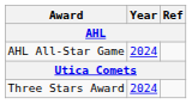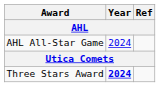 <table class="wikitable">
 <tr>
 <th>Award</th>
 <th>Year</th>
 <th>Ref</th>
 </tr>
 <tr>
 <th colspan="3"><a href='#'>AHL</a></th>
 </tr>
 <tr>
 <td>AHL All-Star Game</td>
 <td><a href='#'>2024</a></td>
 <td></td>
 </tr>
 <tr>
 <th colspan="3"><a href='#'>Utica Comets</a></th>
 </tr>
 <tr>
 <td>Three Stars Award</td>
-<td><a href='#'>2024</a></td>
+<td><strong><a href='#'>2024</a></strong></td>
 <td></td>
 </tr>
 </table>
